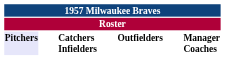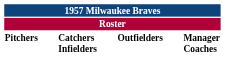 <table class="toccolours" style="font-size: 95%;">
 <tr>
 <th colspan="10" style="background-color: #0f437c; color: white; text-align: center;">1957 Milwaukee Braves</th>
 </tr>
 <tr>
 <td colspan="10" style="background-color:#af0039; color: white; text-align: center;"><strong>Roster</strong></td>
 </tr>
 <tr>
-<td valign="top" style="background: lavender;"><strong>Pitchers</strong><br>             </td>
+<td valign="top"><strong>Pitchers</strong><br>             </td>
 <td width="25px"></td>
 <td valign="top"><strong>Catchers</strong><br>    <strong>Infielders</strong>            </td>
 <td width="25px"></td>
 <td valign="top"><strong>Outfielders</strong><br>        </td>
 <td width="25px"></td>
 <td valign="top"><strong>Manager</strong><br> <strong>Coaches</strong>    </td>
 </tr>
 </table>
